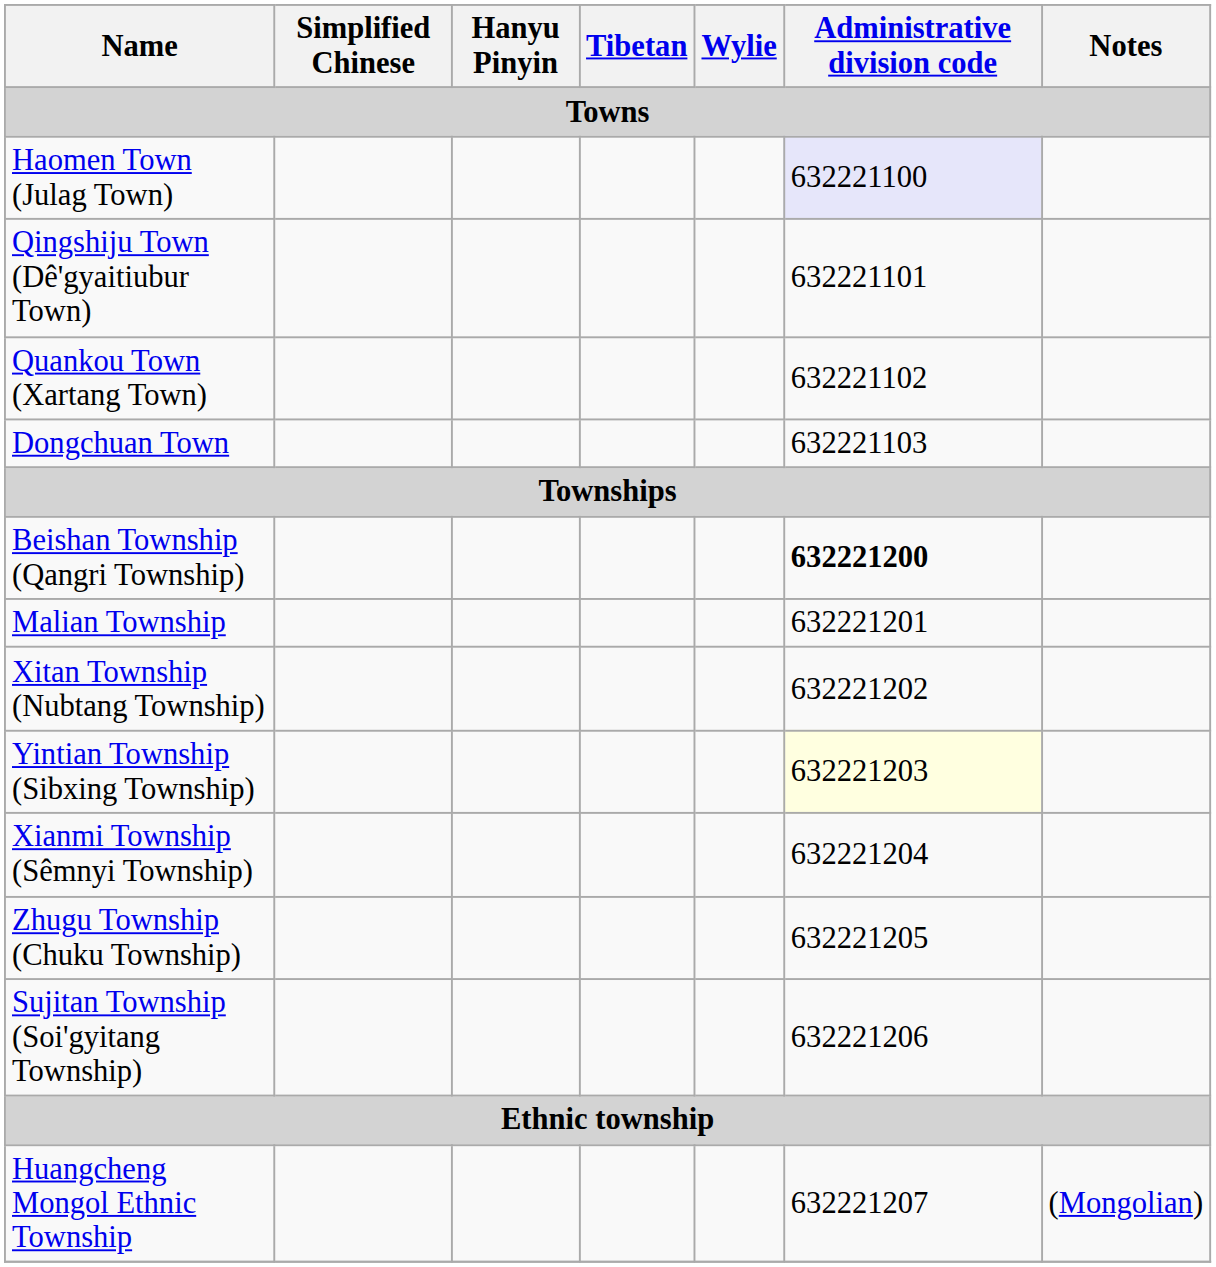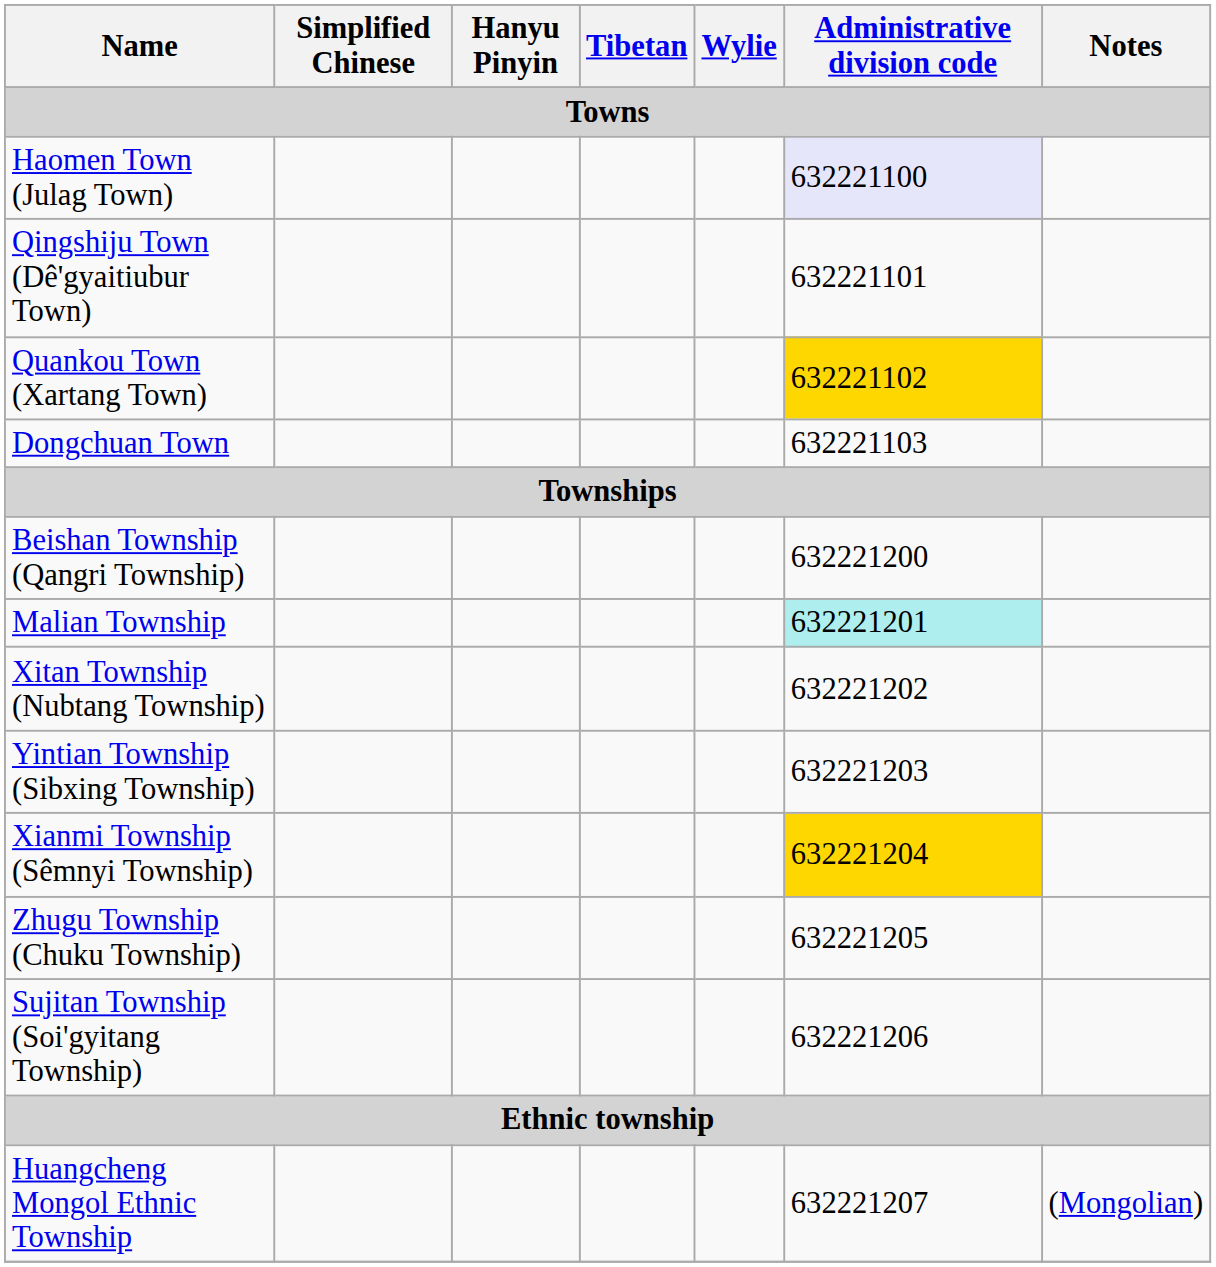 <table class="wikitable" align="center" style="width:50%; border="1">
 <tr>
 <th>Name</th>
 <th>Simplified Chinese</th>
 <th>Hanyu Pinyin</th>
 <th><a href='#'>Tibetan</a></th>
 <th><a href='#'>Wylie</a></th>
 <th><a href='#'>Administrative division code</a></th>
 <th>Notes</th>
 </tr>
 <tr>
 <td colspan="7"  style="text-align:center; background:#d3d3d3;"><strong>Towns</strong></td>
 </tr>
 <tr --------->
 <td><a href='#'>Haomen Town</a><br>(Julag Town)</td>
 <td></td>
 <td></td>
 <td></td>
 <td></td>
 <td style="background: lavender;">632221100</td>
 <td></td>
 </tr>
 <tr>
 <td><a href='#'>Qingshiju Town</a><br>(Dê'gyaitiubur Town)</td>
 <td></td>
 <td></td>
 <td></td>
 <td></td>
 <td>632221101</td>
 <td></td>
 </tr>
 <tr>
 <td><a href='#'>Quankou Town</a><br>(Xartang Town)</td>
 <td></td>
 <td></td>
 <td></td>
 <td></td>
-<td>632221102</td>
+<td style="background: gold;">632221102</td>
 <td></td>
 </tr>
 <tr>
 <td><a href='#'>Dongchuan Town</a></td>
 <td></td>
 <td></td>
 <td></td>
 <td></td>
 <td>632221103</td>
 <td></td>
 </tr>
 <tr>
 <td colspan="7"  style="text-align:center; background:#d3d3d3;"><strong>Townships</strong></td>
 </tr>
 <tr --------->
 <td><a href='#'>Beishan Township</a><br>(Qangri Township)</td>
 <td></td>
 <td></td>
 <td></td>
 <td></td>
-<td><strong>632221200</strong></td>
+<td>632221200</td>
 <td></td>
 </tr>
 <tr>
 <td><a href='#'>Malian Township</a></td>
 <td></td>
 <td></td>
 <td></td>
 <td></td>
-<td>632221201</td>
+<td style="background: paleturquoise;">632221201</td>
 <td></td>
 </tr>
 <tr>
 <td><a href='#'>Xitan Township</a><br>(Nubtang Township)</td>
 <td></td>
 <td></td>
 <td></td>
 <td></td>
 <td>632221202</td>
 <td></td>
 </tr>
 <tr>
 <td><a href='#'>Yintian Township</a><br>(Sibxing Township)</td>
 <td></td>
 <td></td>
 <td></td>
 <td></td>
-<td style="background: lightyellow;">632221203</td>
+<td>632221203</td>
 <td></td>
 </tr>
 <tr>
 <td><a href='#'>Xianmi Township</a><br>(Sêmnyi Township)</td>
 <td></td>
 <td></td>
 <td></td>
 <td></td>
-<td>632221204</td>
+<td style="background: gold;">632221204</td>
 <td></td>
 </tr>
 <tr>
 <td><a href='#'>Zhugu Township</a><br>(Chuku Township)</td>
 <td></td>
 <td></td>
 <td></td>
 <td></td>
 <td>632221205</td>
 <td></td>
 </tr>
 <tr>
 <td><a href='#'>Sujitan Township</a><br>(Soi'gyitang Township)</td>
 <td></td>
 <td></td>
 <td></td>
 <td></td>
 <td>632221206</td>
 <td></td>
 </tr>
 <tr>
 <td colspan="7"  style="text-align:center; background:#d3d3d3;"><strong>Ethnic township</strong></td>
 </tr>
 <tr --------->
 <td><a href='#'>Huangcheng Mongol Ethnic Township</a></td>
 <td></td>
 <td></td>
 <td></td>
 <td></td>
 <td>632221207</td>
 <td>(<a href='#'>Mongolian</a>)<br></td>
 </tr>
 <tr>
 </tr>
 </table>
